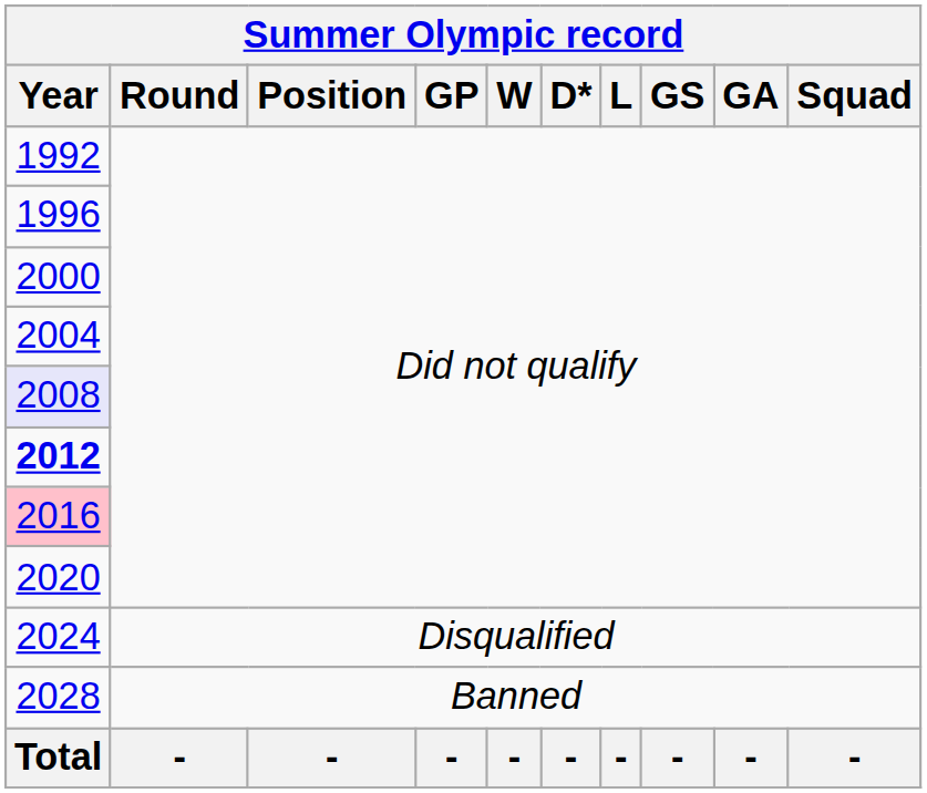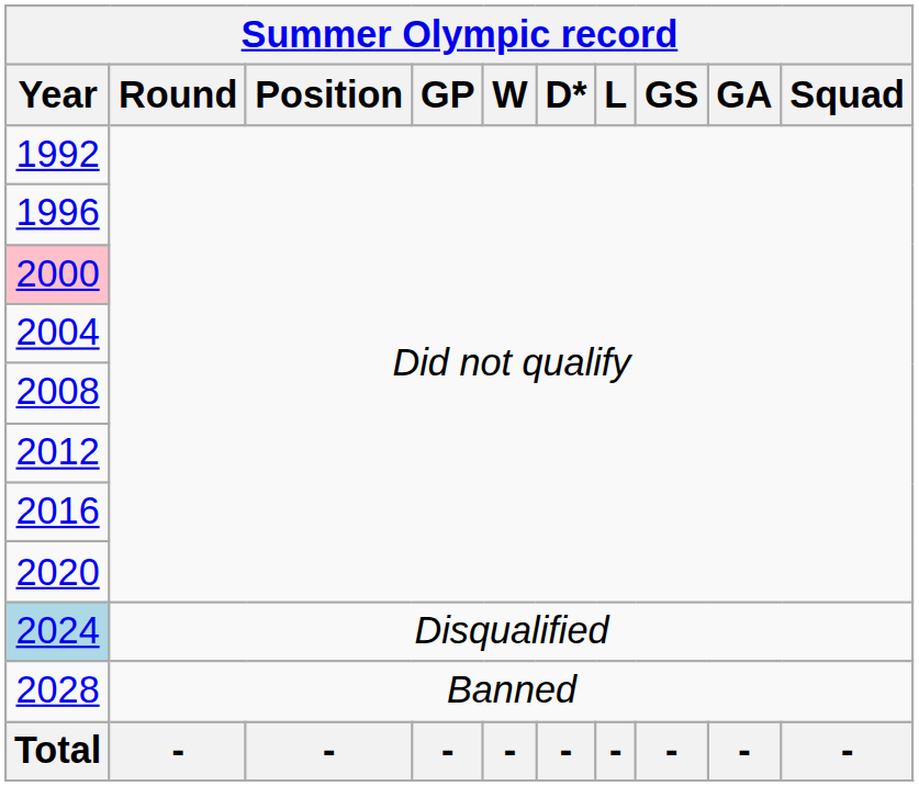 <table class="wikitable" style="text-align: center;">
 <tr>
 <th colspan=10><a href='#'>Summer Olympic record</a></th>
 </tr>
 <tr>
 <th>Year</th>
 <th>Round</th>
 <th>Position</th>
 <th>GP</th>
 <th>W</th>
 <th>D*</th>
 <th>L</th>
 <th>GS</th>
 <th>GA</th>
 <th>Squad</th>
 </tr>
 <tr>
 <td> <a href='#'>1992</a></td>
 <td colspan="10" rowspan="8"><em>Did not qualify</em></td>
 </tr>
 <tr>
 <td> <a href='#'>1996</a></td>
 </tr>
 <tr>
-<td> <a href='#'>2000</a></td>
+<td style="background: pink;"> <a href='#'>2000</a></td>
 </tr>
 <tr>
 <td> <a href='#'>2004</a></td>
 </tr>
 <tr>
-<td style="background: lavender;"> <a href='#'>2008</a></td>
+<td> <a href='#'>2008</a></td>
 </tr>
 <tr>
-<td><strong> <a href='#'>2012</a></strong></td>
+<td> <a href='#'>2012</a></td>
 </tr>
 <tr>
-<td style="background: pink;"> <a href='#'>2016</a></td>
+<td> <a href='#'>2016</a></td>
 </tr>
 <tr>
 <td> <a href='#'>2020</a></td>
 </tr>
 <tr>
-<td> <a href='#'>2024</a></td>
+<td style="background: lightblue;"> <a href='#'>2024</a></td>
 <td colspan="10"><em>Disqualified</em></td>
 </tr>
 <tr>
 <td> <a href='#'>2028</a></td>
 <td colspan="10"><em>Banned</em></td>
 </tr>
 <tr>
 <th><strong>Total</strong></th>
 <th>-</th>
 <th>-</th>
 <th>-</th>
 <th>-</th>
 <th>-</th>
 <th>-</th>
 <th>-</th>
 <th>-</th>
 <th>-</th>
 </tr>
 <tr>
 </tr>
 </table>
